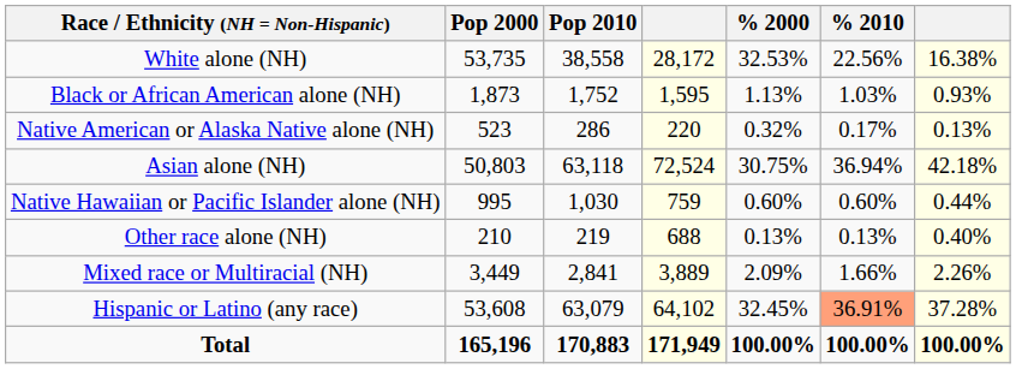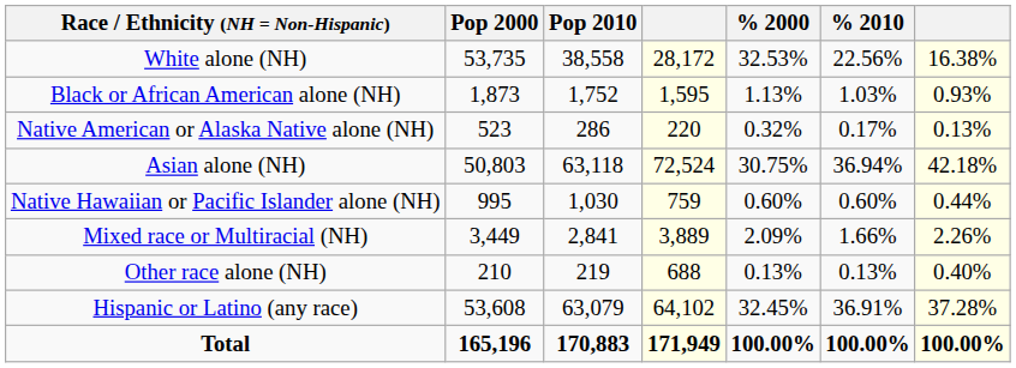 <table class="wikitable" style="text-align:center;">
 <tr>
 <th>Race / Ethnicity <small>(<em>NH = Non-Hispanic</em>)</small></th>
 <th>Pop 2000</th>
 <th>Pop 2010</th>
 <th></th>
 <th>% 2000</th>
 <th>% 2010</th>
 <th></th>
 </tr>
 <tr>
 <td><a href='#'>White</a> alone (NH)</td>
 <td>53,735</td>
 <td>38,558</td>
 <td style='background: #ffffe6;'>28,172</td>
 <td>32.53%</td>
 <td>22.56%</td>
 <td style='background: #ffffe6;'>16.38%</td>
 </tr>
 <tr>
 <td><a href='#'>Black or African American</a> alone (NH)</td>
 <td>1,873</td>
 <td>1,752</td>
 <td style='background: #ffffe6;'>1,595</td>
 <td>1.13%</td>
 <td>1.03%</td>
 <td style='background: #ffffe6;'>0.93%</td>
 </tr>
 <tr>
 <td><a href='#'>Native American</a> or <a href='#'>Alaska Native</a> alone (NH)</td>
 <td>523</td>
 <td>286</td>
 <td style='background: #ffffe6;'>220</td>
 <td>0.32%</td>
 <td>0.17%</td>
 <td style='background: #ffffe6;'>0.13%</td>
 </tr>
 <tr>
 <td><a href='#'>Asian</a> alone (NH)</td>
 <td>50,803</td>
 <td>63,118</td>
 <td style='background: #ffffe6;'>72,524</td>
 <td>30.75%</td>
 <td>36.94%</td>
 <td style='background: #ffffe6;'>42.18%</td>
 </tr>
 <tr>
 <td><a href='#'>Native Hawaiian</a> or <a href='#'>Pacific Islander</a> alone (NH)</td>
 <td>995</td>
 <td>1,030</td>
 <td style='background: #ffffe6;'>759</td>
 <td>0.60%</td>
 <td>0.60%</td>
 <td style='background: #ffffe6;'>0.44%</td>
 </tr>
 <tr>
+<td><a href='#'>Mixed race or Multiracial</a> (NH)</td>
+<td>3,449</td>
+<td>2,841</td>
+<td style='background: #ffffe6;'>3,889</td>
+<td>2.09%</td>
+<td>1.66%</td>
+<td style='background: #ffffe6;'>2.26%</td>
+</tr>
+<tr>
 <td><a href='#'>Other race</a> alone (NH)</td>
 <td>210</td>
 <td>219</td>
 <td style='background: #ffffe6;'>688</td>
 <td>0.13%</td>
 <td>0.13%</td>
 <td style='background: #ffffe6;'>0.40%</td>
 </tr>
 <tr>
-<td><a href='#'>Mixed race or Multiracial</a> (NH)</td>
-<td>3,449</td>
-<td>2,841</td>
-<td style='background: #ffffe6;'>3,889</td>
-<td>2.09%</td>
-<td>1.66%</td>
-<td style='background: #ffffe6;'>2.26%</td>
-</tr>
-<tr>
 <td><a href='#'>Hispanic or Latino</a> (any race)</td>
 <td>53,608</td>
 <td>63,079</td>
 <td style='background: #ffffe6;'>64,102</td>
 <td>32.45%</td>
-<td style="background: lightsalmon;">36.91%</td>
+<td>36.91%</td>
 <td style='background: #ffffe6;'>37.28%</td>
 </tr>
 <tr>
 <td><strong>Total</strong></td>
 <td><strong>165,196</strong></td>
 <td><strong>170,883</strong></td>
 <td style='background: #ffffe6;'><strong>171,949</strong></td>
 <td><strong>100.00%</strong></td>
 <td><strong>100.00%</strong></td>
 <td style='background: #ffffe6;'><strong>100.00%</strong></td>
 </tr>
 </table>
